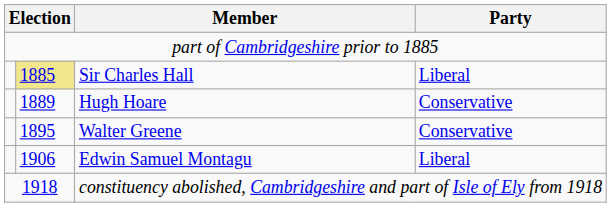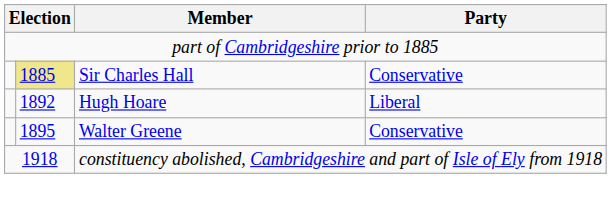 <table class="wikitable">
 <tr>
 <th colspan="2">Election</th>
 <th>Member</th>
 <th>Party</th>
 </tr>
 <tr>
 <td colspan="4" align="center"><em>part of <a href='#'>Cambridgeshire</a> prior to 1885</em></td>
 </tr>
 <tr>
 <td style="color:inherit;background-color: "></td>
 <td style="background: khaki;"><a href='#'>1885</a></td>
 <td><a href='#'>Sir Charles Hall</a></td>
-<td><a href='#'>Liberal</a></td>
+<td><a href='#'>Conservative</a></td>
 </tr>
 <tr>
 <td style="color:inherit;background-color: "></td>
-<td><a href='#'>1889</a></td>
+<td><a href='#'>1892</a></td>
 <td><a href='#'>Hugh Hoare</a></td>
-<td><a href='#'>Conservative</a></td>
+<td><a href='#'>Liberal</a></td>
 </tr>
 <tr>
 <td style="color:inherit;background-color: "></td>
 <td><a href='#'>1895</a></td>
 <td><a href='#'>Walter Greene</a></td>
 <td><a href='#'>Conservative</a></td>
 </tr>
 <tr>
-<td style="color:inherit;background-color: "></td>
-<td><a href='#'>1906</a></td>
-<td><a href='#'>Edwin Samuel Montagu</a></td>
-<td><a href='#'>Liberal</a></td>
-</tr>
-<tr>
 <td colspan="2" align="center"><a href='#'>1918</a></td>
 <td colspan="2"><em>constituency abolished, <a href='#'>Cambridgeshire</a> and part of <a href='#'>Isle of Ely</a> from 1918</em></td>
 </tr>
 </table>
